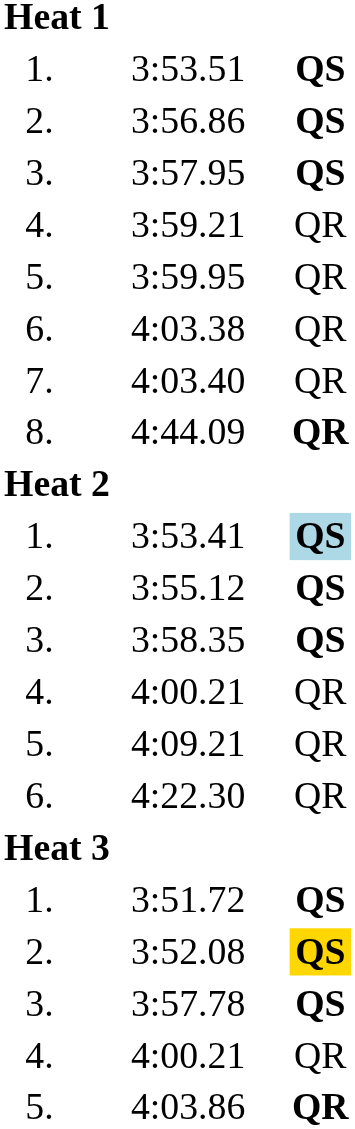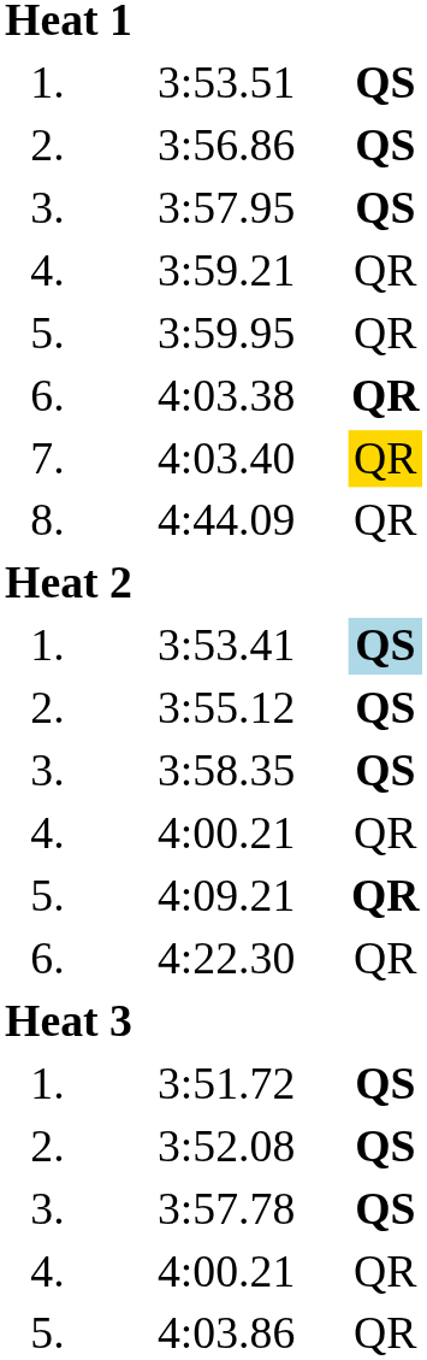 <table style="text-align:center">
 <tr>
 <td colspan=4 align=left><strong>Heat 1</strong></td>
 </tr>
 <tr>
 <td width=30>1.</td>
 <td align=left></td>
 <td width=80>3:53.51</td>
 <td><strong>QS</strong></td>
 </tr>
 <tr>
 <td>2.</td>
 <td align=left></td>
 <td>3:56.86</td>
 <td><strong>QS</strong></td>
 </tr>
 <tr>
 <td>3.</td>
 <td align=left></td>
 <td>3:57.95</td>
 <td><strong>QS</strong></td>
 </tr>
 <tr>
 <td>4.</td>
 <td align=left></td>
 <td>3:59.21</td>
 <td>QR</td>
 </tr>
 <tr>
 <td>5.</td>
 <td align=left></td>
 <td>3:59.95</td>
 <td>QR</td>
 </tr>
 <tr>
 <td>6.</td>
 <td align=left></td>
 <td>4:03.38</td>
-<td>QR</td>
+<td><strong>QR</strong></td>
 </tr>
 <tr>
 <td>7.</td>
 <td align=left></td>
 <td>4:03.40</td>
-<td>QR</td>
+<td style="background: gold;">QR</td>
 </tr>
 <tr>
 <td>8.</td>
 <td align=left></td>
 <td>4:44.09</td>
-<td><strong>QR</strong></td>
+<td>QR</td>
 </tr>
 <tr>
 <td colspan=4 align=left><strong>Heat 2</strong></td>
 </tr>
 <tr>
 <td>1.</td>
 <td align=left></td>
 <td>3:53.41</td>
 <td style="background: lightblue;"><strong>QS</strong></td>
 </tr>
 <tr>
 <td>2.</td>
 <td align=left></td>
 <td>3:55.12</td>
 <td><strong>QS</strong></td>
 </tr>
 <tr>
 <td>3.</td>
 <td align=left></td>
 <td>3:58.35</td>
 <td><strong>QS</strong></td>
 </tr>
 <tr>
 <td>4.</td>
 <td align=left></td>
 <td>4:00.21</td>
 <td>QR</td>
 </tr>
 <tr>
 <td>5.</td>
 <td align=left></td>
 <td>4:09.21</td>
-<td>QR</td>
+<td><strong>QR</strong></td>
 </tr>
 <tr>
 <td>6.</td>
 <td align=left></td>
 <td>4:22.30</td>
 <td>QR</td>
 </tr>
 <tr>
 <td colspan=4 align=left><strong>Heat 3</strong></td>
 </tr>
 <tr>
 <td>1.</td>
 <td align=left></td>
 <td>3:51.72</td>
 <td><strong>QS</strong></td>
 </tr>
 <tr>
 <td>2.</td>
 <td align=left></td>
 <td>3:52.08</td>
-<td style="background: gold;"><strong>QS</strong></td>
+<td><strong>QS</strong></td>
 </tr>
 <tr>
 <td>3.</td>
 <td align=left></td>
 <td>3:57.78</td>
 <td><strong>QS</strong></td>
 </tr>
 <tr>
 <td>4.</td>
 <td align=left></td>
 <td>4:00.21</td>
 <td>QR</td>
 </tr>
 <tr>
 <td>5.</td>
 <td align=left></td>
 <td>4:03.86</td>
-<td><strong>QR</strong></td>
+<td>QR</td>
 </tr>
 </table>
